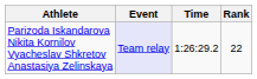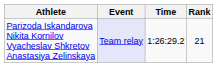 <table class="wikitable" style="text-align:center; font-size:90%;">
 <tr>
 <th>Athlete</th>
 <th>Event</th>
 <th>Time</th>
 <th>Rank</th>
 </tr>
 <tr>
 <td align=left><a href='#'>Parizoda Iskandarova</a> <br> <a href='#'>Nikita Kornilov</a> <br> <a href='#'>Vyacheslav Shkretov</a> <br> <a href='#'>Anastasiya Zelinskaya</a></td>
 <td align=left style="background: lavender;"><a href='#'>Team relay</a></td>
 <td>1:26:29.2</td>
-<td>22</td>
+<td>21</td>
 </tr>
 </table>
